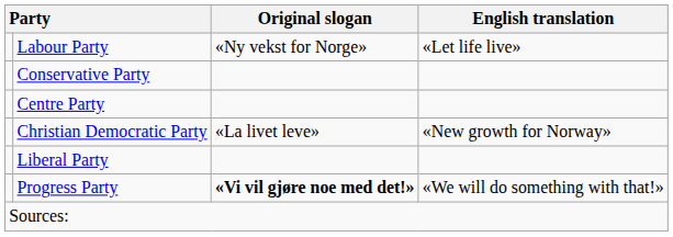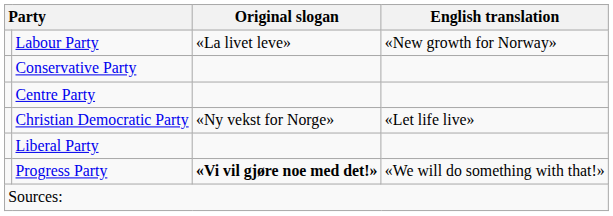 <table class="wikitable" style="font-size:97%; text-align:left">
 <tr>
 <th colspan="2" style="text-align:left;">Party</th>
 <th>Original slogan</th>
 <th>English translation</th>
 </tr>
 <tr>
 <td style="background:"></td>
 <td><a href='#'>Labour Party</a></td>
-<td>«Ny vekst for Norge»</td>
-<td>«Let life live»</td>
+<td>«La livet leve»</td>
+<td>«New growth for Norway»</td>
 </tr>
 <tr>
 <td style="background:"></td>
 <td><a href='#'>Conservative Party</a></td>
 <td></td>
 <td></td>
 </tr>
 <tr>
 <td style="background:"></td>
 <td><a href='#'>Centre Party</a></td>
 <td></td>
 <td></td>
 </tr>
 <tr>
 <td style="background:"></td>
 <td><a href='#'>Christian Democratic Party</a></td>
-<td>«La livet leve»</td>
-<td>«New growth for Norway»</td>
+<td>«Ny vekst for Norge»</td>
+<td>«Let life live»</td>
 </tr>
 <tr>
 <td style="background:"></td>
 <td><a href='#'>Liberal Party</a></td>
 <td></td>
 <td></td>
 </tr>
 <tr>
 <td style="background:"></td>
 <td><a href='#'>Progress Party</a></td>
 <td><strong>«Vi vil gjøre noe med det!»</strong></td>
 <td>«We will do something with that!»</td>
 </tr>
 <tr>
 <td colspan="4">Sources: </td>
 </tr>
 </table>
